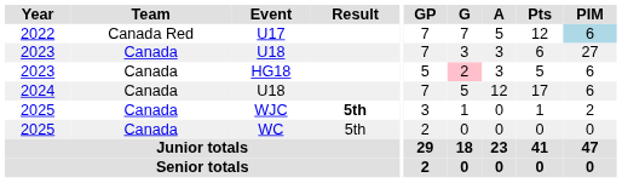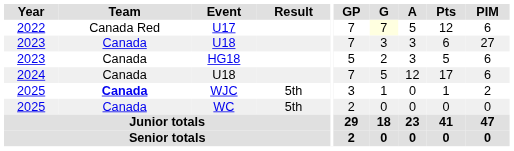 <table border="0" cellpadding="1" cellspacing="0" ID="Table3" style="text-align:center; width:40em">
 <tr bgcolor="#e0e0e0">
 <th>Year</th>
 <th>Team</th>
 <th>Event</th>
 <th>Result</th>
 <th rowspan="99" bgcolor="#ffffff"></th>
 <th>GP</th>
 <th>G</th>
 <th>A</th>
 <th>Pts</th>
 <th>PIM</th>
 </tr>
 <tr>
 <td><a href='#'>2022</a></td>
 <td>Canada Red</td>
 <td><a href='#'>U17</a></td>
 <td></td>
 <td>7</td>
-<td>7</td>
+<td style="background: lightyellow;">7</td>
 <td>5</td>
 <td>12</td>
-<td style="background: lightblue;">6</td>
+<td>6</td>
 </tr>
 <tr bgcolor="#f0f0f0">
 <td><a href='#'>2023</a></td>
 <td><a href='#'>Canada</a></td>
 <td><a href='#'>U18</a></td>
 <td></td>
 <td>7</td>
 <td>3</td>
 <td>3</td>
 <td>6</td>
 <td>27</td>
 </tr>
 <tr>
 <td><a href='#'>2023</a></td>
 <td>Canada</td>
 <td><a href='#'>HG18</a></td>
 <td></td>
 <td>5</td>
-<td style="background: pink;">2</td>
+<td>2</td>
 <td>3</td>
 <td>5</td>
 <td>6</td>
 </tr>
 <tr bgcolor="#f0f0f0">
 <td><a href='#'>2024</a></td>
 <td>Canada</td>
 <td>U18</td>
 <td></td>
 <td>7</td>
 <td>5</td>
 <td>12</td>
 <td>17</td>
 <td>6</td>
 </tr>
 <tr>
 <td><a href='#'>2025</a></td>
-<td><a href='#'>Canada</a></td>
+<td><strong><a href='#'>Canada</a></strong></td>
 <td><a href='#'>WJC</a></td>
-<td><strong>5th</strong></td>
+<td>5th</td>
 <td>3</td>
 <td>1</td>
 <td>0</td>
 <td>1</td>
 <td>2</td>
 </tr>
 <tr bgcolor="#f0f0f0">
 <td><a href='#'>2025</a></td>
 <td><a href='#'>Canada</a></td>
 <td><a href='#'>WC</a></td>
 <td>5th</td>
 <td>2</td>
 <td>0</td>
 <td>0</td>
 <td>0</td>
 <td>0</td>
 </tr>
 <tr bgcolor="#e0e0e0">
 <th colspan="4">Junior totals</th>
 <th>29</th>
 <th>18</th>
 <th>23</th>
 <th>41</th>
 <th>47</th>
 </tr>
 <tr bgcolor="#e0e0e0">
 <th colspan="4">Senior totals</th>
 <th>2</th>
 <th>0</th>
 <th>0</th>
 <th>0</th>
 <th>0</th>
 </tr>
 </table>
